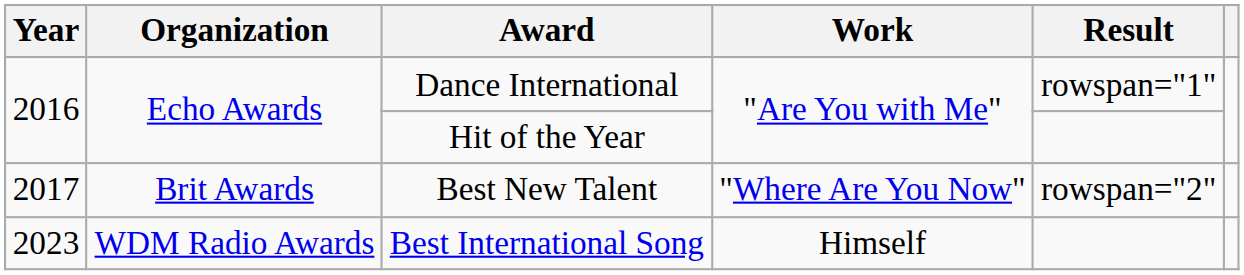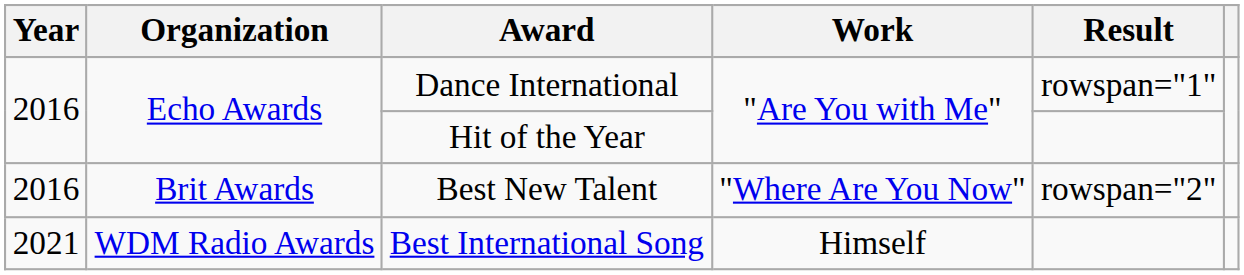 <table class="wikitable plainrowheaders" style="text-align:center;">
 <tr>
 <th>Year</th>
 <th>Organization</th>
 <th>Award</th>
 <th>Work</th>
 <th>Result</th>
 <th></th>
 </tr>
 <tr>
 <td rowspan="2">2016</td>
 <td rowspan="2"><a href='#'>Echo Awards</a></td>
 <td>Dance International</td>
 <td rowspan="2">"<a href='#'>Are You with Me</a>"</td>
 <td>rowspan="1" </td>
 <td rowspan="2"></td>
 </tr>
 <tr>
 <td>Hit of the Year</td>
 </tr>
 <tr>
-<td>2017</td>
+<td>2016</td>
 <td><a href='#'>Brit Awards</a></td>
 <td>Best New Talent</td>
 <td>"<a href='#'>Where Are You Now</a>"</td>
 <td>rowspan="2" </td>
 <td></td>
 </tr>
 <tr>
-<td>2023</td>
+<td>2021</td>
 <td><a href='#'>WDM Radio Awards</a></td>
 <td><a href='#'>Best International Song</a></td>
 <td>Himself</td>
 <td></td>
 <td></td>
 </tr>
 </table>
